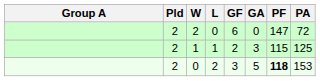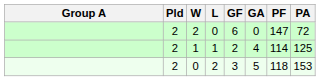 <table class=wikitable style="text-align:center">
 <tr>
 <th width=220>Group A</th>
 <th width=20>Pld</th>
 <th width=20>W</th>
 <th width=20>L</th>
 <th width=20>GF</th>
 <th width=20>GA</th>
 <th width=20>PF</th>
 <th width=20>PA</th>
 </tr>
 <tr bgcolor=ccffcc>
 <td align=left></td>
 <td>2</td>
 <td>2</td>
 <td>0</td>
 <td>6</td>
 <td>0</td>
 <td>147</td>
 <td>72</td>
 </tr>
 <tr bgcolor=ccffcc>
 <td align=left></td>
 <td>2</td>
 <td>1</td>
 <td>1</td>
 <td>2</td>
-<td>3</td>
-<td>115</td>
+<td>4</td>
+<td>114</td>
 <td>125</td>
 </tr>
 <tr bgcolor=eeffee>
 <td align=left></td>
 <td>2</td>
 <td>0</td>
 <td>2</td>
 <td>3</td>
 <td>5</td>
-<td><strong>118</strong></td>
+<td>118</td>
 <td>153</td>
 </tr>
 </table>
